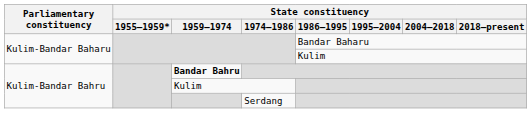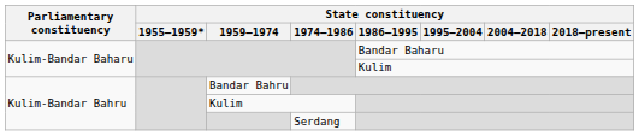 <table class="wikitable">
 <tr>
 <th rowspan="2">Parliamentary<br>constituency</th>
 <th colspan="7">State constituency</th>
 </tr>
 <tr>
 <th>1955–1959*</th>
 <th>1959–1974</th>
 <th>1974–1986</th>
 <th>1986–1995</th>
 <th>1995–2004</th>
 <th>2004–2018</th>
 <th>2018–present</th>
 </tr>
 <tr>
 <td rowspan="2">Kulim-Bandar Baharu</td>
 <td colspan="3" rowspan="2" bgcolor="dcdcdc"></td>
 <td colspan="4">Bandar Baharu</td>
 </tr>
 <tr>
 <td colspan="4">Kulim</td>
 </tr>
 <tr>
 <td rowspan="3">Kulim-Bandar Bahru</td>
 <td rowspan="3" bgcolor="dcdcdc"></td>
-<td><strong>Bandar Bahru</strong></td>
+<td>Bandar Bahru</td>
 <td colspan="5" bgcolor="dcdcdc"></td>
 </tr>
 <tr>
 <td colspan="2">Kulim</td>
 <td colspan="4" bgcolor="dcdcdc"></td>
 </tr>
 <tr>
 <td bgcolor="dcdcdc"></td>
 <td>Serdang</td>
 <td colspan="4" bgcolor="dcdcdc"></td>
 </tr>
 </table>
